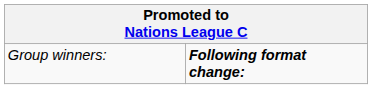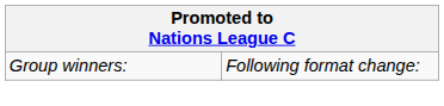 <table class="wikitable" style="width:400px">
 <tr>
 <th colspan="2">Promoted to<br><a href='#'>Nations League C</a></th>
 </tr>
 <tr>
 <td style="width:200px; vertical-align:top;"><em>Group winners:</em> </td>
-<td style="width:200px"><strong><em>Following format change:</em> </strong></td>
+<td style="width:200px"><em>Following format change:</em> </td>
 </tr>
 </table>
